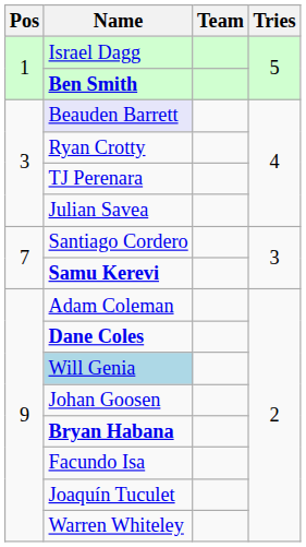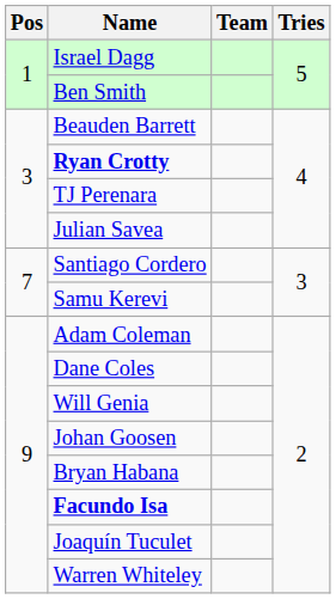 <table class="wikitable" style="text-align:center">
 <tr>
 <th>Pos</th>
 <th>Name</th>
 <th>Team</th>
 <th>Tries</th>
 </tr>
 <tr style="background:#d0ffd0">
 <td rowspan=2>1</td>
 <td align="left"><a href='#'>Israel Dagg</a></td>
 <td align="left"></td>
 <td rowspan=2>5</td>
 </tr>
 <tr style="background:#d0ffd0">
-<td align="left"><strong><a href='#'>Ben Smith</a></strong></td>
+<td align="left"><a href='#'>Ben Smith</a></td>
 <td align="left"></td>
 </tr>
 <tr>
 <td rowspan=4>3</td>
-<td align="left" style="background: lavender;"><a href='#'>Beauden Barrett</a></td>
+<td align="left"><a href='#'>Beauden Barrett</a></td>
 <td align="left"></td>
 <td rowspan=4>4</td>
 </tr>
 <tr>
-<td align="left"><a href='#'>Ryan Crotty</a></td>
+<td align="left"><strong><a href='#'>Ryan Crotty</a></strong></td>
 <td align="left"></td>
 </tr>
 <tr>
 <td align="left"><a href='#'>TJ Perenara</a></td>
 <td align="left"></td>
 </tr>
 <tr>
 <td align="left"><a href='#'>Julian Savea</a></td>
 <td align="left"></td>
 </tr>
 <tr>
 <td rowspan=2>7</td>
 <td align="left"><a href='#'>Santiago Cordero</a></td>
 <td align="left"></td>
 <td rowspan=2>3</td>
 </tr>
 <tr>
-<td align="left"><strong><a href='#'>Samu Kerevi</a></strong></td>
+<td align="left"><a href='#'>Samu Kerevi</a></td>
 <td align="left"></td>
 </tr>
 <tr>
 <td rowspan=8>9</td>
 <td align="left"><a href='#'>Adam Coleman</a></td>
 <td align="left"></td>
 <td rowspan=8>2</td>
 </tr>
 <tr>
-<td align="left"><strong><a href='#'>Dane Coles</a></strong></td>
+<td align="left"><a href='#'>Dane Coles</a></td>
 <td align="left"></td>
 </tr>
 <tr>
-<td align="left" style="background: lightblue;"><a href='#'>Will Genia</a></td>
+<td align="left"><a href='#'>Will Genia</a></td>
 <td align="left"></td>
 </tr>
 <tr>
 <td align="left"><a href='#'>Johan Goosen</a></td>
 <td align="left"></td>
 </tr>
 <tr>
-<td align="left"><strong><a href='#'>Bryan Habana</a></strong></td>
+<td align="left"><a href='#'>Bryan Habana</a></td>
 <td align="left"></td>
 </tr>
 <tr>
-<td align="left"><a href='#'>Facundo Isa</a></td>
+<td align="left"><strong><a href='#'>Facundo Isa</a></strong></td>
 <td align="left"></td>
 </tr>
 <tr>
 <td align="left"><a href='#'>Joaquín Tuculet</a></td>
 <td align="left"></td>
 </tr>
 <tr>
 <td align="left"><a href='#'>Warren Whiteley</a></td>
 <td align="left"></td>
 </tr>
 </table>
